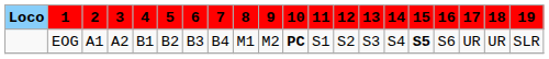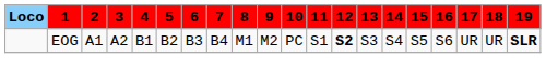 <table class="wikitable plainrowheaders unsortable" style="text-align:center">
 <tr>
 <th scope="col" rowspan="1" style="background:lightskyblue;">Loco</th>
 <th scope="col" rowspan="1" style="background:red;">1</th>
 <th scope="col" rowspan="1" style="background:red;">2</th>
 <th scope="col" rowspan="1" style="background:red;">3</th>
 <th scope="col" rowspan="1" style="background:red;">4</th>
 <th scope="col" rowspan="1" style="background:red;">5</th>
 <th scope="col" rowspan="1" style="background:red;">6</th>
 <th scope="col" rowspan="1" style="background:red;">7</th>
 <th scope="col" rowspan="1" style="background:red;">8</th>
 <th scope="col" rowspan="1" style="background:red;">9</th>
 <th scope="col" rowspan="1" style="background:red;">10</th>
 <th scope="col" rowspan="1" style="background:red;">11</th>
 <th scope="col" rowspan="1" style="background:red;">12</th>
 <th scope="col" rowspan="1" style="background:red;">13</th>
 <th scope="col" rowspan="1" style="background:red;">14</th>
 <th scope="col" rowspan="1" style="background:red;">15</th>
 <th scope="col" rowspan="1" style="background:red;">16</th>
 <th scope="col" rowspan="1" style="background:red;">17</th>
 <th scope="col" rowspan="1" style="background:red;">18</th>
 <th scope="col" rowspan="1" style="background:red;">19</th>
 </tr>
 <tr>
 <td></td>
 <td>EOG</td>
 <td>A1</td>
 <td>A2</td>
 <td>B1</td>
 <td>B2</td>
 <td>B3</td>
 <td>B4</td>
 <td>M1</td>
 <td>M2</td>
-<td><strong>PC</strong></td>
+<td>PC</td>
 <td>S1</td>
-<td>S2</td>
+<td><strong>S2</strong></td>
 <td>S3</td>
 <td>S4</td>
-<td><strong>S5</strong></td>
+<td>S5</td>
 <td>S6</td>
 <td>UR</td>
 <td>UR</td>
-<td>SLR</td>
+<td><strong>SLR</strong></td>
 </tr>
 <tr>
 </tr>
 </table>
